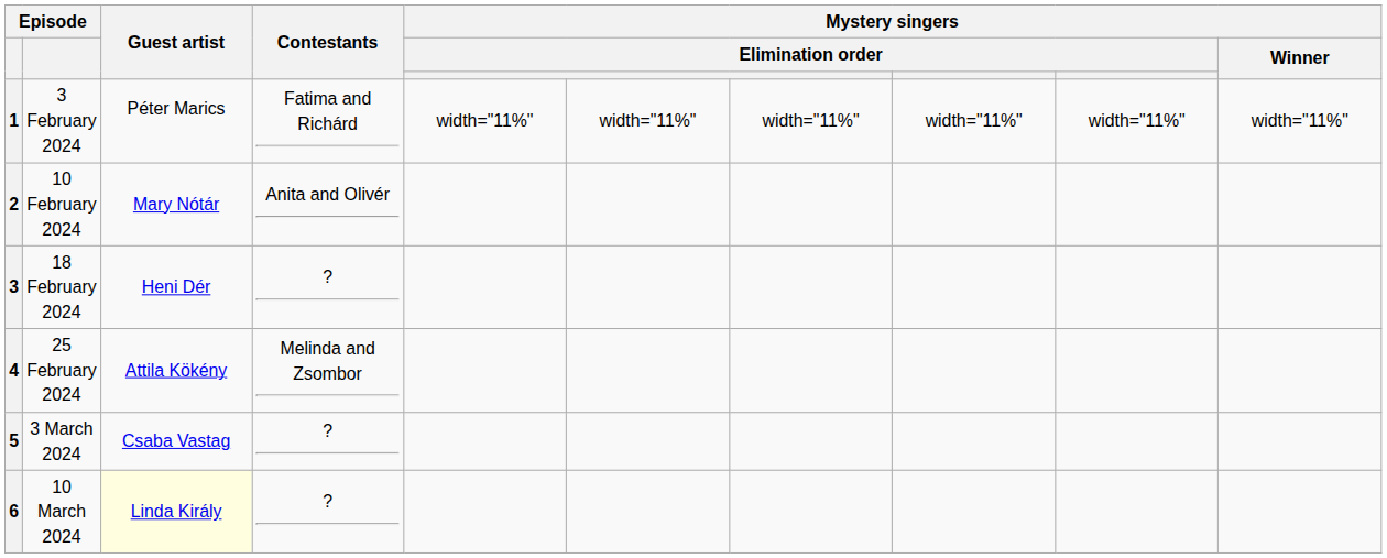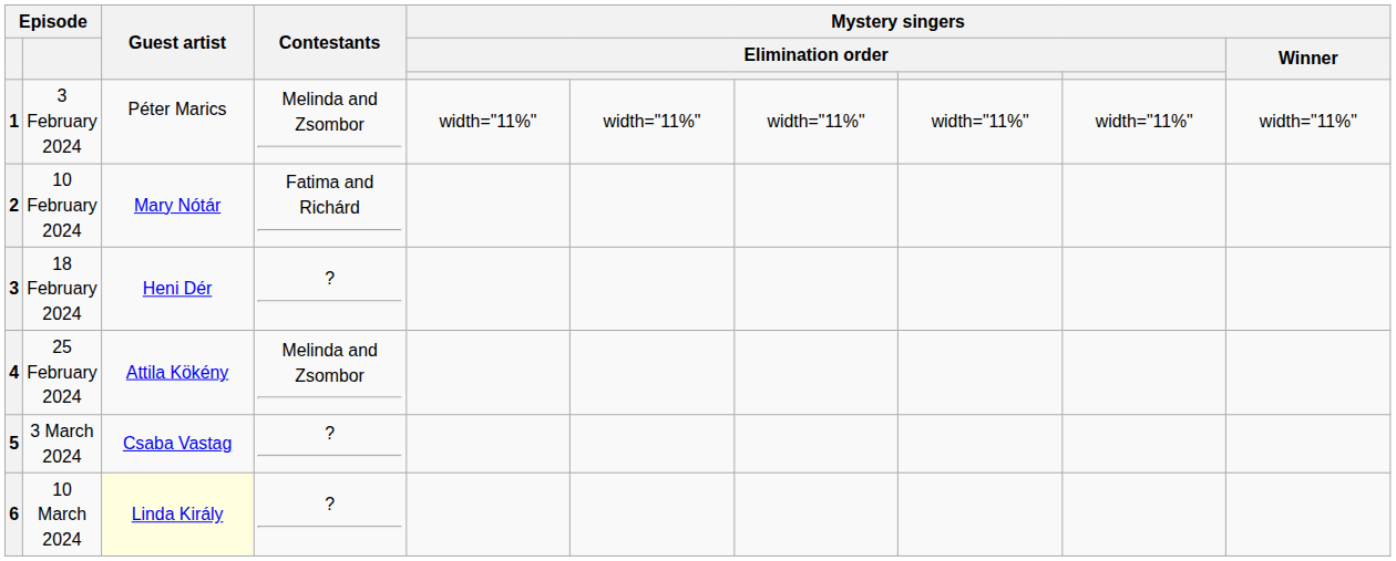 <table class="wikitable plainrowheaders mw-collapsible" style="text-align:center; line-height:23px; width:100%;">
 <tr>
 <th colspan="2" width="1%">Episode</th>
 <th rowspan="3" width="11%">Guest artist</th>
 <th rowspan="3" width="11%">Contestants</th>
 <th colspan="6">Mystery singers<br></th>
 </tr>
 <tr>
 <th rowspan="2"></th>
 <th rowspan="2"></th>
 <th colspan="5">Elimination order</th>
 <th rowspan="2">Winner</th>
 </tr>
 <tr>
 <th colspan="3"></th>
 <th></th>
 <th></th>
 </tr>
 <tr>
 <th>1</th>
 <td>3 February 2024</td>
 <td>Péter Marics<br><br></td>
-<td>Fatima and Richárd<hr></td>
+<td>Melinda and Zsombor<hr></td>
 <td>width="11%" </td>
 <td>width="11%" </td>
 <td>width="11%" </td>
 <td>width="11%" </td>
 <td>width="11%" </td>
 <td>width="11%" </td>
 </tr>
 <tr>
 <th>2</th>
 <td>10 February 2024</td>
 <td><a href='#'>Mary Nótár</a></td>
-<td>Anita and Olivér<hr></td>
+<td>Fatima and Richárd<hr></td>
 <td></td>
 <td></td>
 <td></td>
 <td></td>
 <td></td>
 <td></td>
 </tr>
 <tr>
 <th>3</th>
 <td>18 February 2024</td>
 <td><a href='#'>Heni Dér</a></td>
 <td>?<hr></td>
 <td></td>
 <td></td>
 <td></td>
 <td></td>
 <td></td>
 <td></td>
 </tr>
 <tr>
 <th>4</th>
 <td>25 February 2024</td>
 <td><a href='#'>Attila Kökény</a><br></td>
 <td>Melinda and Zsombor<hr></td>
 <td></td>
 <td></td>
 <td></td>
 <td></td>
 <td></td>
 <td></td>
 </tr>
 <tr>
 <th>5</th>
 <td>3 March 2024</td>
 <td><a href='#'>Csaba Vastag</a><br></td>
 <td>?<hr></td>
 <td></td>
 <td></td>
 <td></td>
 <td></td>
 <td></td>
 <td></td>
 </tr>
 <tr>
 <th>6</th>
 <td>10 March 2024</td>
 <td style="background: lightyellow;"><a href='#'>Linda Király</a></td>
 <td>?<hr></td>
 <td></td>
 <td></td>
 <td></td>
 <td></td>
 <td></td>
 <td></td>
 </tr>
 </table>
